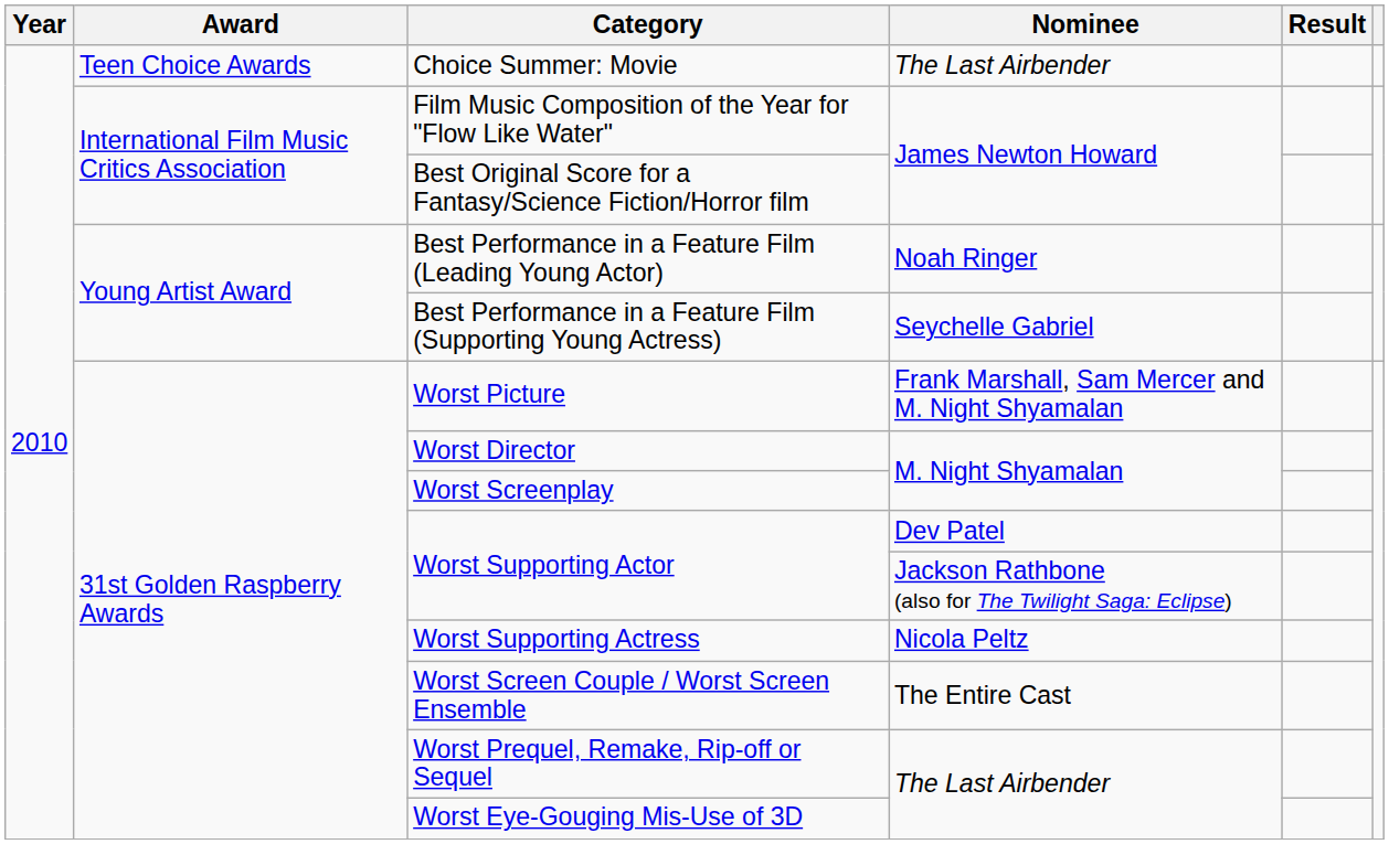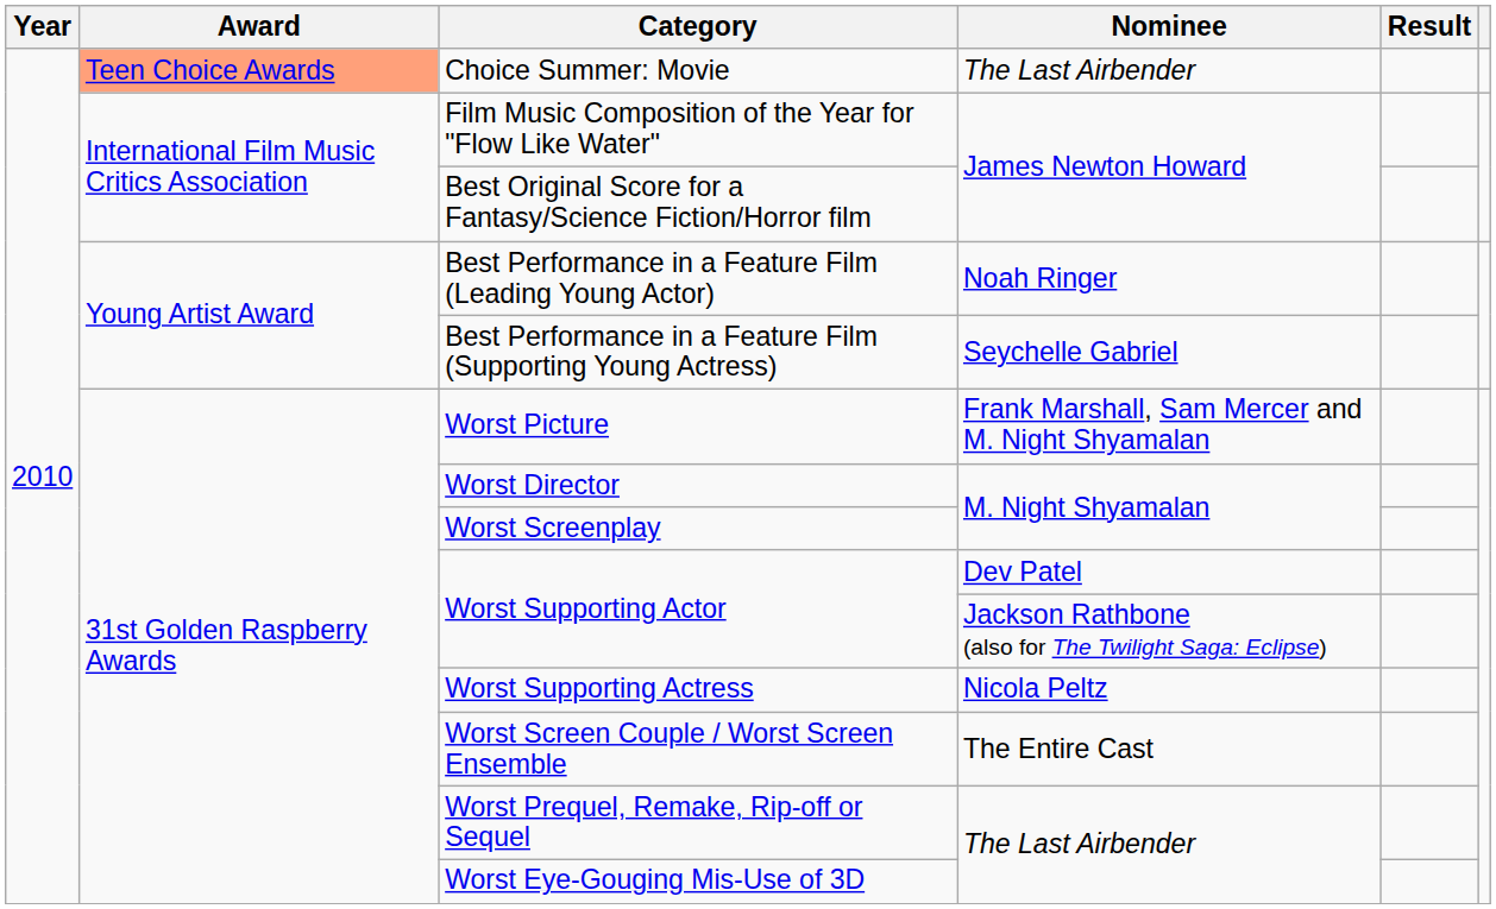 <table class="wikitable sortable plainrowheaders">
 <tr>
 <th>Year</th>
 <th>Award</th>
 <th>Category</th>
 <th>Nominee</th>
 <th>Result</th>
 <th></th>
 </tr>
 <tr>
 <td rowspan=14><a href='#'>2010</a></td>
-<td><a href='#'>Teen Choice Awards</a></td>
+<td style="background: lightsalmon;"><a href='#'>Teen Choice Awards</a></td>
 <td>Choice Summer: Movie</td>
 <td><em>The Last Airbender</em></td>
 <td></td>
 <td align="center"></td>
 </tr>
 <tr>
 <td rowspan="2"><a href='#'>International Film Music Critics Association</a></td>
 <td>Film Music Composition of the Year for "Flow Like Water"</td>
 <td rowspan="2"><a href='#'>James Newton Howard</a></td>
 <td></td>
 <td align="center" rowspan="2"></td>
 </tr>
 <tr>
 <td>Best Original Score for a Fantasy/Science Fiction/Horror film</td>
 <td></td>
 </tr>
 <tr>
 <td rowspan="2"><a href='#'>Young Artist Award</a></td>
 <td>Best Performance in a Feature Film (Leading Young Actor)</td>
 <td><a href='#'>Noah Ringer</a></td>
 <td></td>
 <td align="center" rowspan="2"></td>
 </tr>
 <tr>
 <td>Best Performance in a Feature Film (Supporting Young Actress)</td>
 <td><a href='#'>Seychelle Gabriel</a></td>
 <td></td>
 </tr>
 <tr>
 <td rowspan="9"><a href='#'>31st Golden Raspberry Awards</a></td>
 <td><a href='#'>Worst Picture</a></td>
 <td><a href='#'>Frank Marshall</a>, <a href='#'>Sam Mercer</a> and <a href='#'>M. Night Shyamalan</a></td>
 <td></td>
 <td align="center" rowspan="9"></td>
 </tr>
 <tr>
 <td><a href='#'>Worst Director</a></td>
 <td rowspan="2"><a href='#'>M. Night Shyamalan</a></td>
 <td></td>
 </tr>
 <tr>
 <td><a href='#'>Worst Screenplay</a></td>
 <td></td>
 </tr>
 <tr>
 <td rowspan=2><a href='#'>Worst Supporting Actor</a></td>
 <td><a href='#'>Dev Patel</a></td>
 <td></td>
 </tr>
 <tr>
 <td><a href='#'>Jackson Rathbone</a> <br><small>(also for <em><a href='#'>The Twilight Saga: Eclipse</a></em>)</small><br></td>
 <td></td>
 </tr>
 <tr>
 <td><a href='#'>Worst Supporting Actress</a></td>
 <td><a href='#'>Nicola Peltz</a></td>
 <td></td>
 </tr>
 <tr>
 <td><a href='#'>Worst Screen Couple / Worst Screen Ensemble</a></td>
 <td>The Entire Cast</td>
 <td></td>
 </tr>
 <tr>
 <td><a href='#'>Worst Prequel, Remake, Rip-off or Sequel</a></td>
 <td rowspan="2"><em>The Last Airbender</em></td>
 <td></td>
 </tr>
 <tr>
 <td><a href='#'>Worst Eye-Gouging Mis-Use of 3D</a></td>
 <td></td>
 </tr>
 <tr>
 </tr>
 </table>
